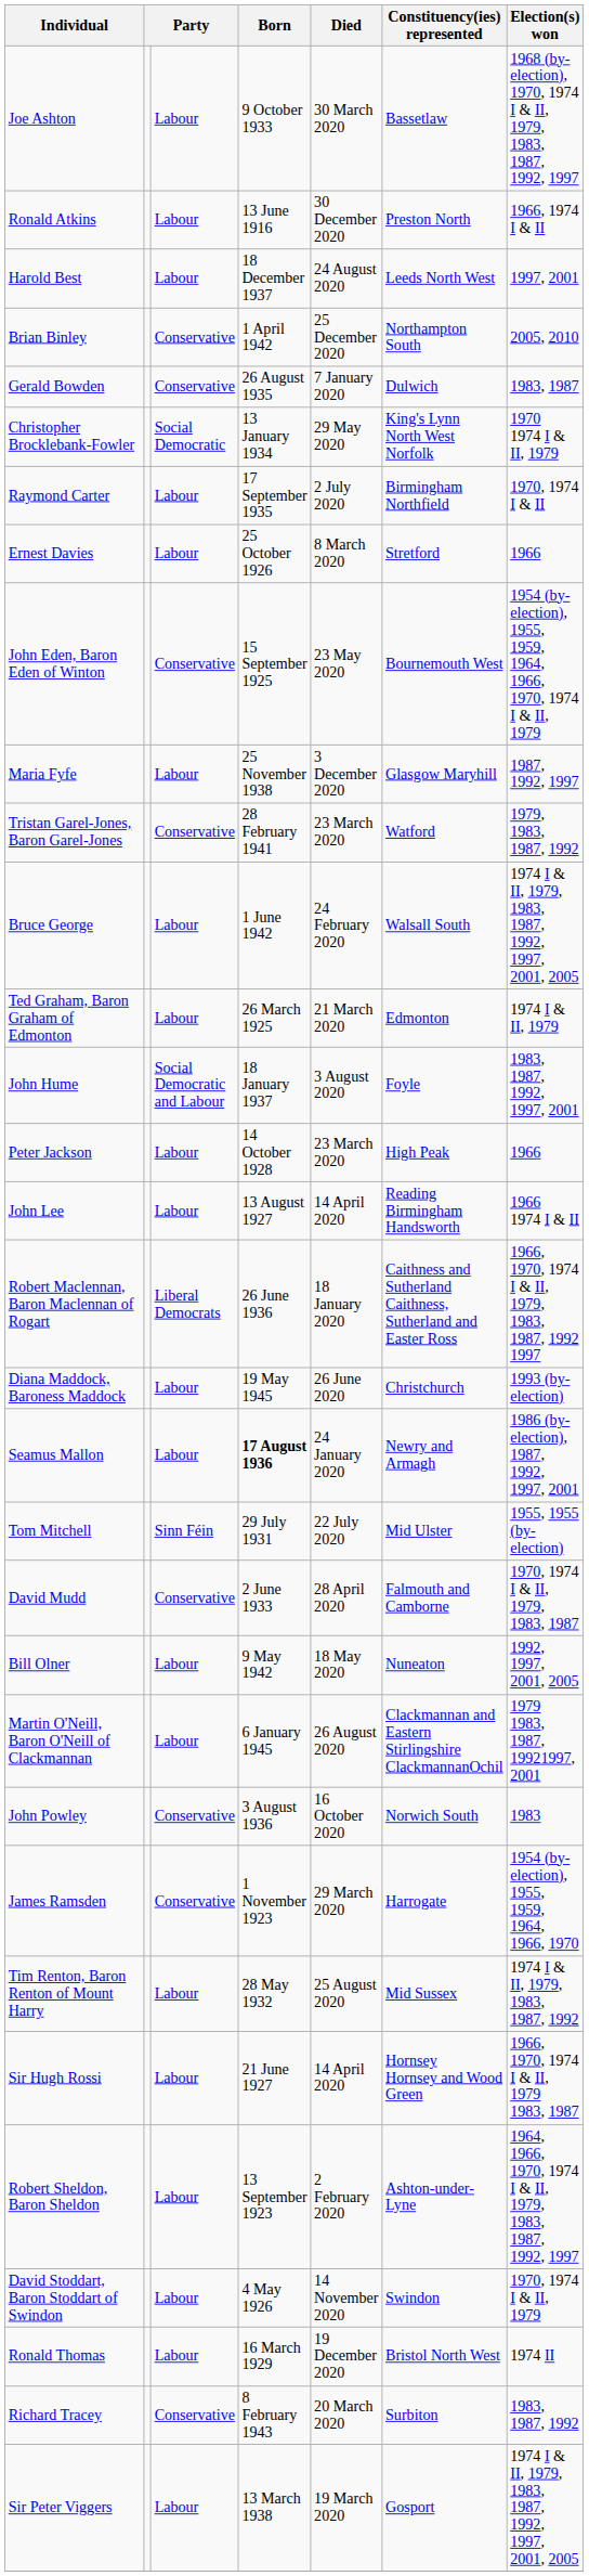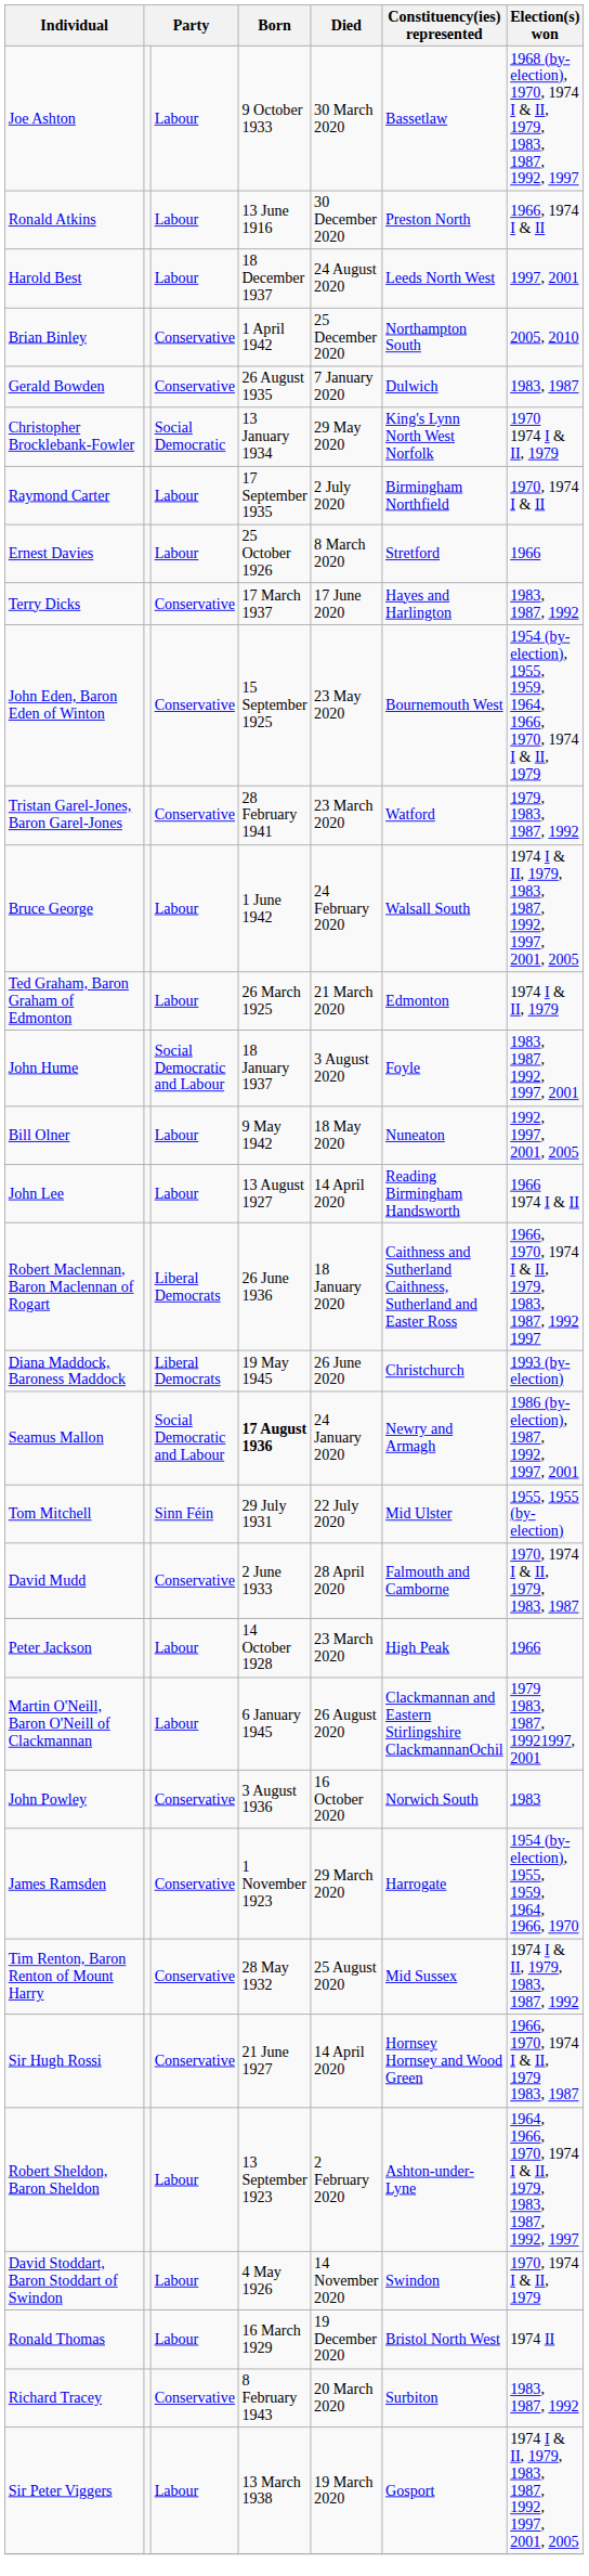 <table class="wikitable sortable">
 <tr>
 <th width="260px">Individual</th>
 <th colspan="2">Party</th>
 <th>Born</th>
 <th>Died</th>
 <th>Constituency(ies) represented</th>
 <th>Election(s) won</th>
 </tr>
 <tr>
 <td><a href='#'>Joe Ashton</a></td>
 <td style="background-color: "></td>
 <td><a href='#'>Labour</a></td>
 <td>9 October 1933</td>
 <td>30 March 2020</td>
 <td><a href='#'>Bassetlaw</a></td>
 <td><a href='#'>1968 (by-election)</a>, <a href='#'>1970</a>, 1974 <a href='#'>I</a> & <a href='#'>II</a>, <a href='#'>1979</a>, <a href='#'>1983</a>, <a href='#'>1987</a>, <a href='#'>1992</a>, <a href='#'>1997</a></td>
 </tr>
 <tr>
 <td><a href='#'>Ronald Atkins</a></td>
 <td style="background-color: "></td>
 <td><a href='#'>Labour</a></td>
 <td>13 June 1916</td>
 <td>30 December 2020</td>
 <td><a href='#'>Preston North</a></td>
 <td><a href='#'>1966</a>, 1974 <a href='#'>I</a> & <a href='#'>II</a></td>
 </tr>
 <tr>
 <td><a href='#'>Harold Best</a></td>
 <td style="background-color: "></td>
 <td><a href='#'>Labour</a></td>
 <td>18 December 1937</td>
 <td>24 August 2020</td>
 <td><a href='#'>Leeds North West</a></td>
 <td><a href='#'>1997</a>, <a href='#'>2001</a></td>
 </tr>
 <tr>
 <td><a href='#'>Brian Binley</a></td>
 <td style="background-color: "></td>
 <td><a href='#'>Conservative</a></td>
 <td>1 April 1942</td>
 <td>25 December 2020</td>
 <td><a href='#'>Northampton South</a></td>
 <td><a href='#'>2005</a>, <a href='#'>2010</a></td>
 </tr>
 <tr>
 <td><a href='#'>Gerald Bowden</a></td>
 <td style="background-color: "></td>
 <td><a href='#'>Conservative</a></td>
 <td>26 August 1935</td>
 <td>7 January 2020</td>
 <td><a href='#'>Dulwich</a></td>
 <td><a href='#'>1983</a>, <a href='#'>1987</a></td>
 </tr>
 <tr>
 <td><a href='#'>Christopher Brocklebank-Fowler</a></td>
 <td style="background-color: "></td>
 <td><a href='#'>Social Democratic</a></td>
 <td>13 January 1934</td>
 <td>29 May 2020</td>
 <td><a href='#'>King's Lynn</a><br><a href='#'>North West Norfolk</a></td>
 <td><a href='#'>1970</a><br>1974 <a href='#'>I</a> & <a href='#'>II</a>, <a href='#'>1979</a></td>
 </tr>
 <tr>
 <td><a href='#'>Raymond Carter</a></td>
 <td style="background-color: "></td>
 <td><a href='#'>Labour</a></td>
 <td>17 September 1935</td>
 <td>2 July 2020</td>
 <td><a href='#'>Birmingham Northfield</a></td>
 <td><a href='#'>1970</a>, 1974 <a href='#'>I</a> & <a href='#'>II</a></td>
 </tr>
 <tr>
 <td><a href='#'>Ernest Davies</a></td>
 <td style="background-color: "></td>
 <td><a href='#'>Labour</a></td>
 <td>25 October 1926</td>
 <td>8 March 2020</td>
 <td><a href='#'>Stretford</a></td>
 <td><a href='#'>1966</a></td>
 </tr>
 <tr>
+<td><a href='#'>Terry Dicks</a></td>
+<td style="background-color: "></td>
+<td><a href='#'>Conservative</a></td>
+<td>17 March 1937</td>
+<td>17 June 2020</td>
+<td><a href='#'>Hayes and Harlington</a></td>
+<td><a href='#'>1983</a>, <a href='#'>1987</a>, <a href='#'>1992</a></td>
+</tr>
+<tr>
 <td><a href='#'>John Eden, Baron Eden of Winton</a></td>
 <td style="background-color: "></td>
 <td><a href='#'>Conservative</a></td>
 <td>15 September 1925</td>
 <td>23 May 2020</td>
 <td><a href='#'>Bournemouth West</a></td>
 <td><a href='#'>1954 (by-election)</a>, <a href='#'>1955</a>, <a href='#'>1959</a>, <a href='#'>1964</a>, <a href='#'>1966</a>, <a href='#'>1970</a>, 1974 <a href='#'>I</a> & <a href='#'>II</a>, <a href='#'>1979</a></td>
-</tr>
-<tr>
-<td><a href='#'>Maria Fyfe</a></td>
-<td style="background-color: "></td>
-<td><a href='#'>Labour</a></td>
-<td>25 November 1938</td>
-<td>3 December 2020</td>
-<td><a href='#'>Glasgow Maryhill</a></td>
-<td><a href='#'>1987</a>, <a href='#'>1992</a>, <a href='#'>1997</a></td>
 </tr>
 <tr>
 <td><a href='#'>Tristan Garel-Jones, Baron Garel-Jones</a></td>
 <td style="background-color: "></td>
 <td><a href='#'>Conservative</a></td>
 <td>28 February 1941</td>
 <td>23 March 2020</td>
 <td><a href='#'>Watford</a></td>
 <td><a href='#'>1979</a>, <a href='#'>1983</a>, <a href='#'>1987</a>, <a href='#'>1992</a></td>
 </tr>
 <tr>
 <td><a href='#'>Bruce George</a></td>
 <td style="background-color: "></td>
 <td><a href='#'>Labour</a></td>
 <td>1 June 1942</td>
 <td>24 February 2020</td>
 <td><a href='#'>Walsall South</a></td>
 <td>1974 <a href='#'>I</a> & <a href='#'>II</a>, <a href='#'>1979</a>, <a href='#'>1983</a>, <a href='#'>1987</a>, <a href='#'>1992</a>, <a href='#'>1997</a>, <a href='#'>2001</a>, <a href='#'>2005</a></td>
 </tr>
 <tr>
 <td><a href='#'>Ted Graham, Baron Graham of Edmonton</a></td>
 <td style="background-color: "></td>
 <td><a href='#'>Labour</a></td>
 <td>26 March 1925</td>
 <td>21 March 2020</td>
 <td><a href='#'>Edmonton</a></td>
 <td>1974 <a href='#'>I</a> & <a href='#'>II</a>, <a href='#'>1979</a></td>
 </tr>
 <tr>
 <td><a href='#'>John Hume</a></td>
 <td style="background-color: "></td>
 <td><a href='#'>Social Democratic and Labour</a></td>
 <td>18 January 1937</td>
 <td>3 August 2020</td>
 <td><a href='#'>Foyle</a></td>
 <td><a href='#'>1983</a>, <a href='#'>1987</a>, <a href='#'>1992</a>, <a href='#'>1997</a>, <a href='#'>2001</a></td>
 </tr>
 <tr>
-<td><a href='#'>Peter Jackson</a></td>
+<td><a href='#'>Bill Olner</a></td>
 <td style="background-color: "></td>
 <td><a href='#'>Labour</a></td>
-<td>14 October 1928</td>
-<td>23 March 2020</td>
-<td><a href='#'>High Peak</a></td>
-<td><a href='#'>1966</a></td>
+<td>9 May 1942</td>
+<td>18 May 2020</td>
+<td><a href='#'>Nuneaton</a></td>
+<td><a href='#'>1992</a>, <a href='#'>1997</a>, <a href='#'>2001</a>, <a href='#'>2005</a></td>
 </tr>
 <tr>
 <td><a href='#'>John Lee</a></td>
 <td style="background-color: "></td>
 <td><a href='#'>Labour</a></td>
 <td>13 August 1927</td>
 <td>14 April 2020</td>
 <td><a href='#'>Reading</a><br><a href='#'>Birmingham Handsworth</a></td>
 <td><a href='#'>1966</a><br>1974 <a href='#'>I</a> & <a href='#'>II</a></td>
 </tr>
 <tr>
 <td><a href='#'>Robert Maclennan, Baron Maclennan of Rogart</a></td>
 <td style="background-color: "></td>
 <td><a href='#'>Liberal Democrats</a></td>
 <td>26 June 1936</td>
 <td>18 January 2020</td>
 <td><a href='#'>Caithness and Sutherland</a><br><a href='#'>Caithness, Sutherland and Easter Ross</a></td>
 <td><a href='#'>1966</a>, <a href='#'>1970</a>, 1974 <a href='#'>I</a> & <a href='#'>II</a>, <a href='#'>1979</a>, <a href='#'>1983</a>, <a href='#'>1987</a>, <a href='#'>1992</a><br><a href='#'>1997</a></td>
 </tr>
 <tr>
 <td><a href='#'>Diana Maddock, Baroness Maddock</a></td>
 <td style="background-color: "></td>
-<td><a href='#'>Labour</a></td>
+<td><a href='#'>Liberal Democrats</a></td>
 <td>19 May 1945</td>
 <td>26 June 2020</td>
 <td><a href='#'>Christchurch</a></td>
 <td><a href='#'>1993 (by-election)</a></td>
 </tr>
 <tr>
 <td><a href='#'>Seamus Mallon</a></td>
 <td style="background-color: "></td>
-<td><a href='#'>Labour</a></td>
+<td><a href='#'>Social Democratic and Labour</a></td>
 <td><strong>17 August 1936</strong></td>
 <td>24 January 2020</td>
 <td><a href='#'>Newry and Armagh</a></td>
 <td><a href='#'>1986 (by-election)</a>, <a href='#'>1987</a>, <a href='#'>1992</a>, <a href='#'>1997</a>, <a href='#'>2001</a></td>
 </tr>
 <tr>
 <td><a href='#'>Tom Mitchell</a></td>
 <td style="background-color: "></td>
 <td><a href='#'>Sinn Féin</a></td>
 <td>29 July 1931</td>
 <td>22 July 2020</td>
 <td><a href='#'>Mid Ulster</a></td>
 <td><a href='#'>1955</a>, <a href='#'>1955 (by-election)</a></td>
 </tr>
 <tr>
 <td><a href='#'>David Mudd</a></td>
 <td style="background-color: "></td>
 <td><a href='#'>Conservative</a></td>
 <td>2 June 1933</td>
 <td>28 April 2020</td>
 <td><a href='#'>Falmouth and Camborne</a></td>
 <td><a href='#'>1970</a>, 1974 <a href='#'>I</a> & <a href='#'>II</a>, <a href='#'>1979</a>, <a href='#'>1983</a>, <a href='#'>1987</a></td>
 </tr>
 <tr>
-<td><a href='#'>Bill Olner</a></td>
+<td><a href='#'>Peter Jackson</a></td>
 <td style="background-color: "></td>
 <td><a href='#'>Labour</a></td>
-<td>9 May 1942</td>
-<td>18 May 2020</td>
-<td><a href='#'>Nuneaton</a></td>
-<td><a href='#'>1992</a>, <a href='#'>1997</a>, <a href='#'>2001</a>, <a href='#'>2005</a></td>
+<td>14 October 1928</td>
+<td>23 March 2020</td>
+<td><a href='#'>High Peak</a></td>
+<td><a href='#'>1966</a></td>
 </tr>
 <tr>
 <td><a href='#'>Martin O'Neill, Baron O'Neill of Clackmannan</a></td>
 <td style="background-color: "></td>
 <td><a href='#'>Labour</a></td>
 <td>6 January 1945</td>
 <td>26 August 2020</td>
 <td><a href='#'>Clackmannan and Eastern Stirlingshire</a><br><a href='#'>Clackmannan</a><a href='#'>Ochil</a></td>
 <td><a href='#'>1979</a><br><a href='#'>1983</a>, <a href='#'>1987</a>, <a href='#'>1992</a><a href='#'>1997</a>, <a href='#'>2001</a></td>
 </tr>
 <tr>
 <td><a href='#'>John Powley</a></td>
 <td style="background-color: "></td>
 <td><a href='#'>Conservative</a></td>
 <td>3 August 1936</td>
 <td>16 October 2020</td>
 <td><a href='#'>Norwich South</a></td>
 <td><a href='#'>1983</a></td>
 </tr>
 <tr>
 <td><a href='#'>James Ramsden</a></td>
 <td style="background-color: "></td>
 <td><a href='#'>Conservative</a></td>
 <td>1 November 1923</td>
 <td>29 March 2020</td>
 <td><a href='#'>Harrogate</a></td>
 <td><a href='#'>1954 (by-election)</a>, <a href='#'>1955</a>, <a href='#'>1959</a>, <a href='#'>1964</a>, <a href='#'>1966</a>, <a href='#'>1970</a></td>
 </tr>
 <tr>
 <td><a href='#'>Tim Renton, Baron Renton of Mount Harry</a></td>
 <td style="background-color: "></td>
-<td><a href='#'>Labour</a></td>
+<td><a href='#'>Conservative</a></td>
 <td>28 May 1932</td>
 <td>25 August 2020</td>
 <td><a href='#'>Mid Sussex</a></td>
 <td>1974 <a href='#'>I</a> & <a href='#'>II</a>, <a href='#'>1979</a>, <a href='#'>1983</a>, <a href='#'>1987</a>, <a href='#'>1992</a></td>
 </tr>
 <tr>
 <td><a href='#'>Sir Hugh Rossi</a></td>
 <td style="background-color: "></td>
-<td><a href='#'>Labour</a></td>
+<td><a href='#'>Conservative</a></td>
 <td>21 June 1927</td>
 <td>14 April 2020</td>
 <td><a href='#'>Hornsey</a><br><a href='#'>Hornsey and Wood Green</a></td>
 <td><a href='#'>1966</a>, <a href='#'>1970</a>, 1974 <a href='#'>I</a> & <a href='#'>II</a>, <a href='#'>1979</a><br><a href='#'>1983</a>, <a href='#'>1987</a></td>
 </tr>
 <tr>
 <td><a href='#'>Robert Sheldon, Baron Sheldon</a></td>
 <td style="background-color: "></td>
 <td><a href='#'>Labour</a></td>
 <td>13 September 1923</td>
 <td>2 February 2020</td>
 <td><a href='#'>Ashton-under-Lyne</a></td>
 <td><a href='#'>1964</a>, <a href='#'>1966</a>, <a href='#'>1970</a>, 1974 <a href='#'>I</a> & <a href='#'>II</a>, <a href='#'>1979</a>, <a href='#'>1983</a>, <a href='#'>1987</a>, <a href='#'>1992</a>, <a href='#'>1997</a></td>
 </tr>
 <tr>
 <td><a href='#'>David Stoddart, Baron Stoddart of Swindon</a></td>
 <td style="background-color: "></td>
 <td><a href='#'>Labour</a></td>
 <td>4 May 1926</td>
 <td>14 November 2020</td>
 <td><a href='#'>Swindon</a></td>
 <td><a href='#'>1970</a>, 1974 <a href='#'>I</a> & <a href='#'>II</a>, <a href='#'>1979</a></td>
 </tr>
 <tr>
 <td><a href='#'>Ronald Thomas</a></td>
 <td style="background-color: "></td>
 <td><a href='#'>Labour</a></td>
 <td>16 March 1929</td>
 <td>19 December 2020</td>
 <td><a href='#'>Bristol North West</a></td>
 <td>1974 <a href='#'>II</a></td>
 </tr>
 <tr>
 <td><a href='#'>Richard Tracey</a></td>
 <td style="background-color: "></td>
 <td><a href='#'>Conservative</a></td>
 <td>8 February 1943</td>
 <td>20 March 2020</td>
 <td><a href='#'>Surbiton</a></td>
 <td><a href='#'>1983</a>, <a href='#'>1987</a>, <a href='#'>1992</a></td>
 </tr>
 <tr>
 <td><a href='#'>Sir Peter Viggers</a></td>
 <td style="background-color: "></td>
 <td><a href='#'>Labour</a></td>
 <td>13 March 1938</td>
 <td>19 March 2020</td>
 <td><a href='#'>Gosport</a></td>
 <td>1974 <a href='#'>I</a> & <a href='#'>II</a>, <a href='#'>1979</a>, <a href='#'>1983</a>, <a href='#'>1987</a>, <a href='#'>1992</a>, <a href='#'>1997</a>, <a href='#'>2001</a>, <a href='#'>2005</a></td>
 </tr>
 <tr>
 </tr>
 </table>
